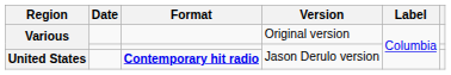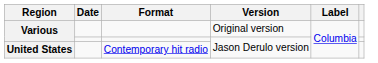 <table class="wikitable sortable plainrowheaders">
 <tr>
 <th scope="col">Region</th>
 <th scope="col">Date</th>
 <th scope="col">Format</th>
 <th scope="col">Version</th>
 <th scope="col">Label</th>
 <th scope="col" class="unsortable"></th>
 </tr>
 <tr>
 <th scope="row" rowspan="2">Various</th>
 <td></td>
 <td></td>
 <td>Original version</td>
 <td rowspan="3"><a href='#'>Columbia</a></td>
 <td style="text-align:center"></td>
 </tr>
 <tr>
 <td></td>
 <td></td>
 <td rowspan="2">Jason Derulo version</td>
 <td style="text-align:center"></td>
 </tr>
 <tr>
 <th scope="row">United States</th>
 <td></td>
-<td><strong><a href='#'>Contemporary hit radio</a></strong></td>
+<td><a href='#'>Contemporary hit radio</a></td>
 <td style="text-align:center"></td>
 </tr>
 </table>
